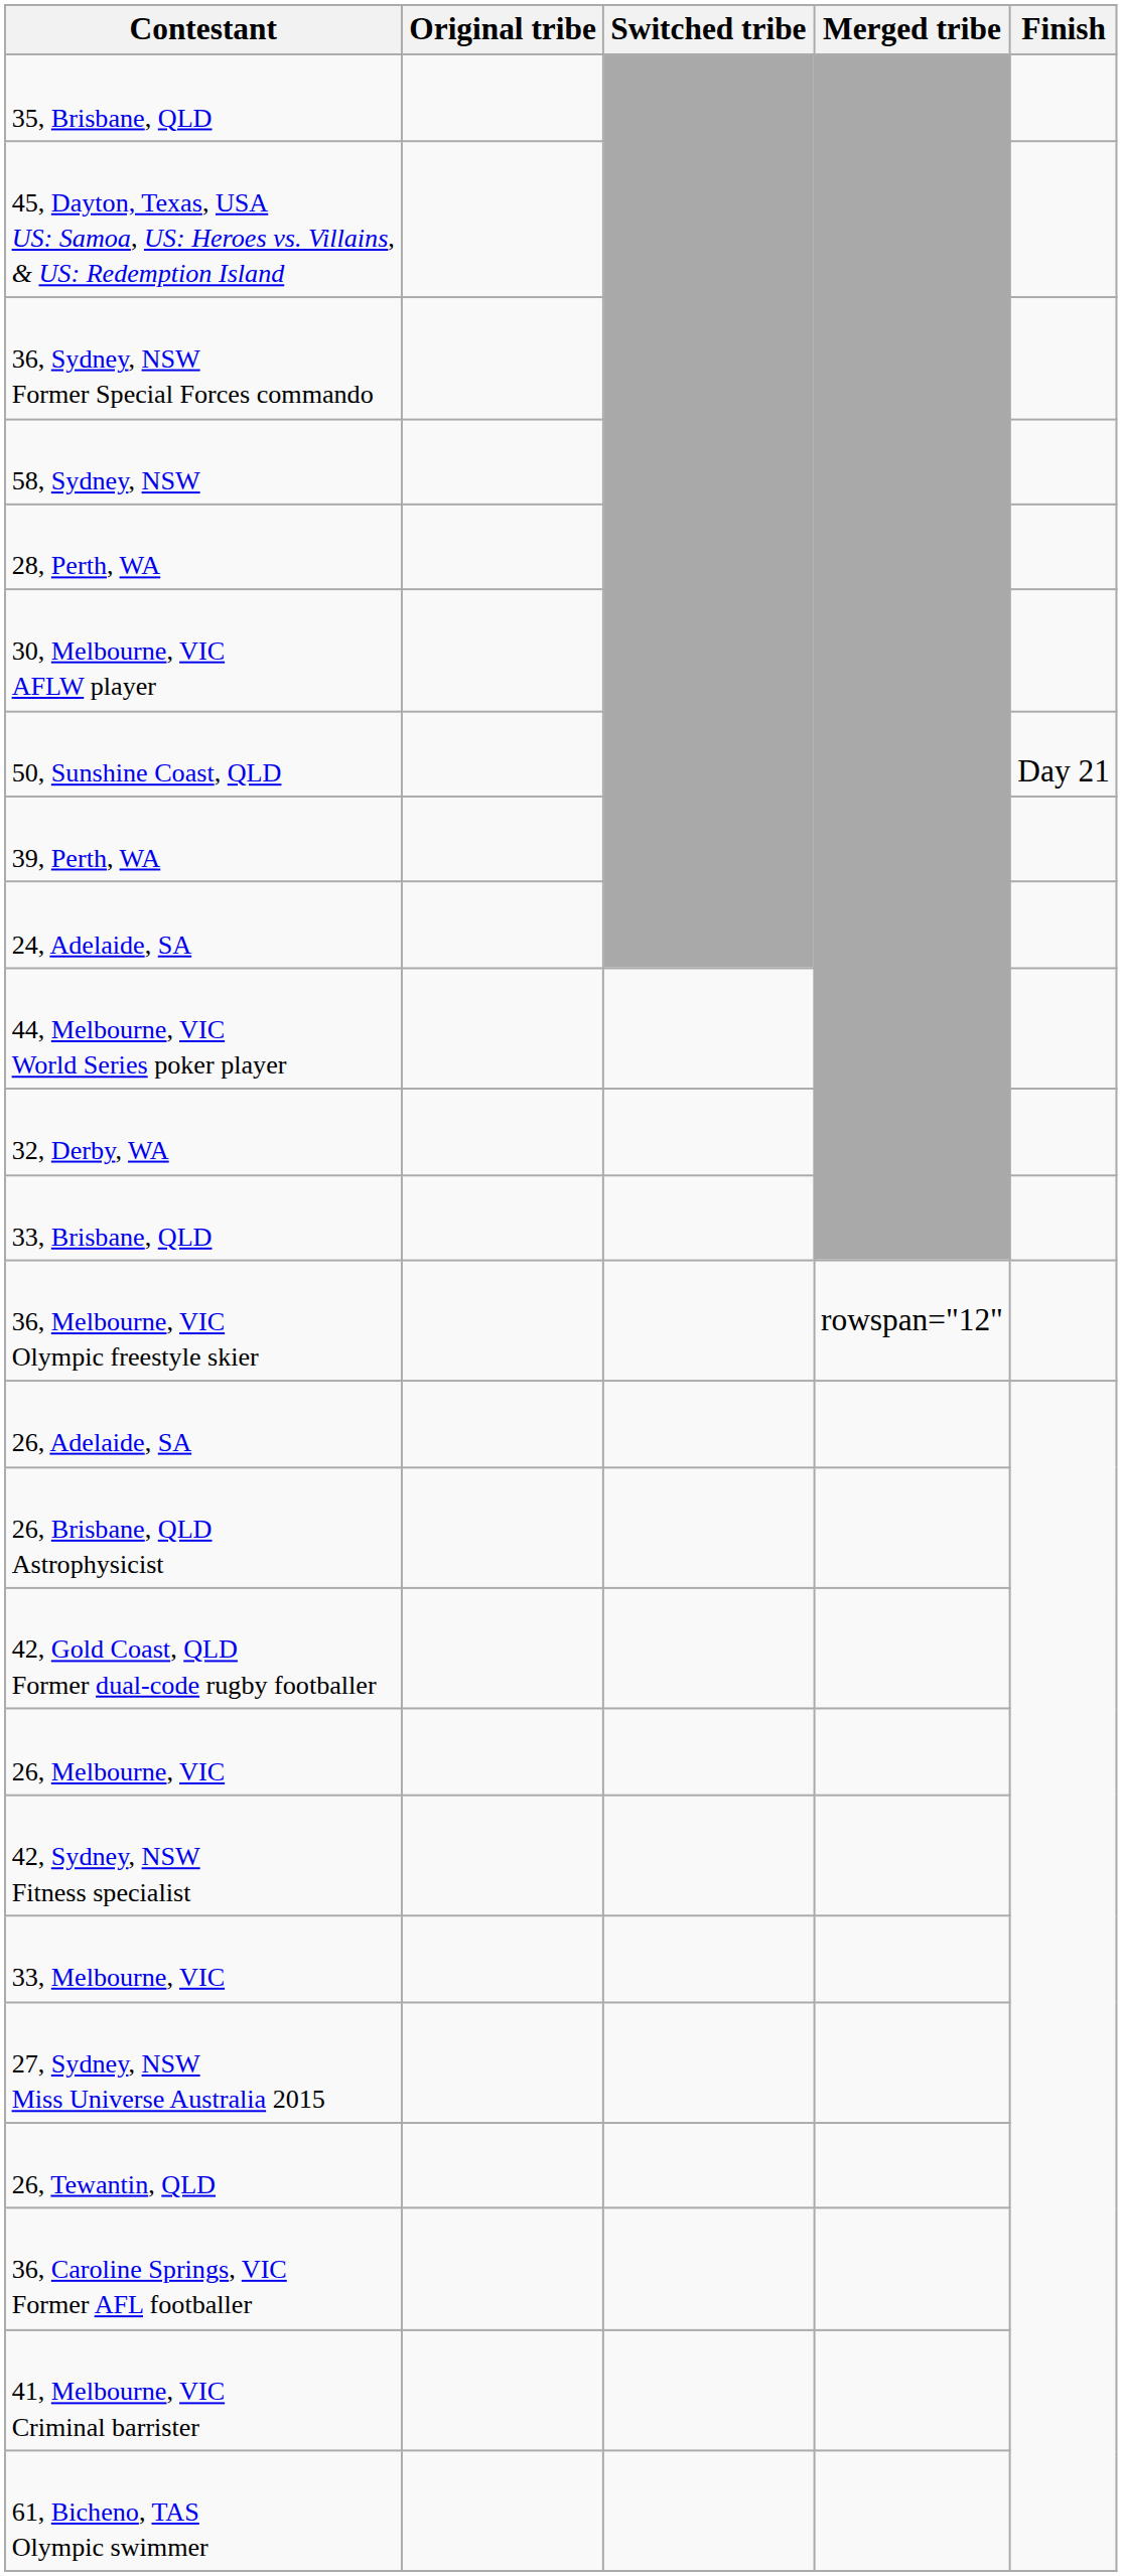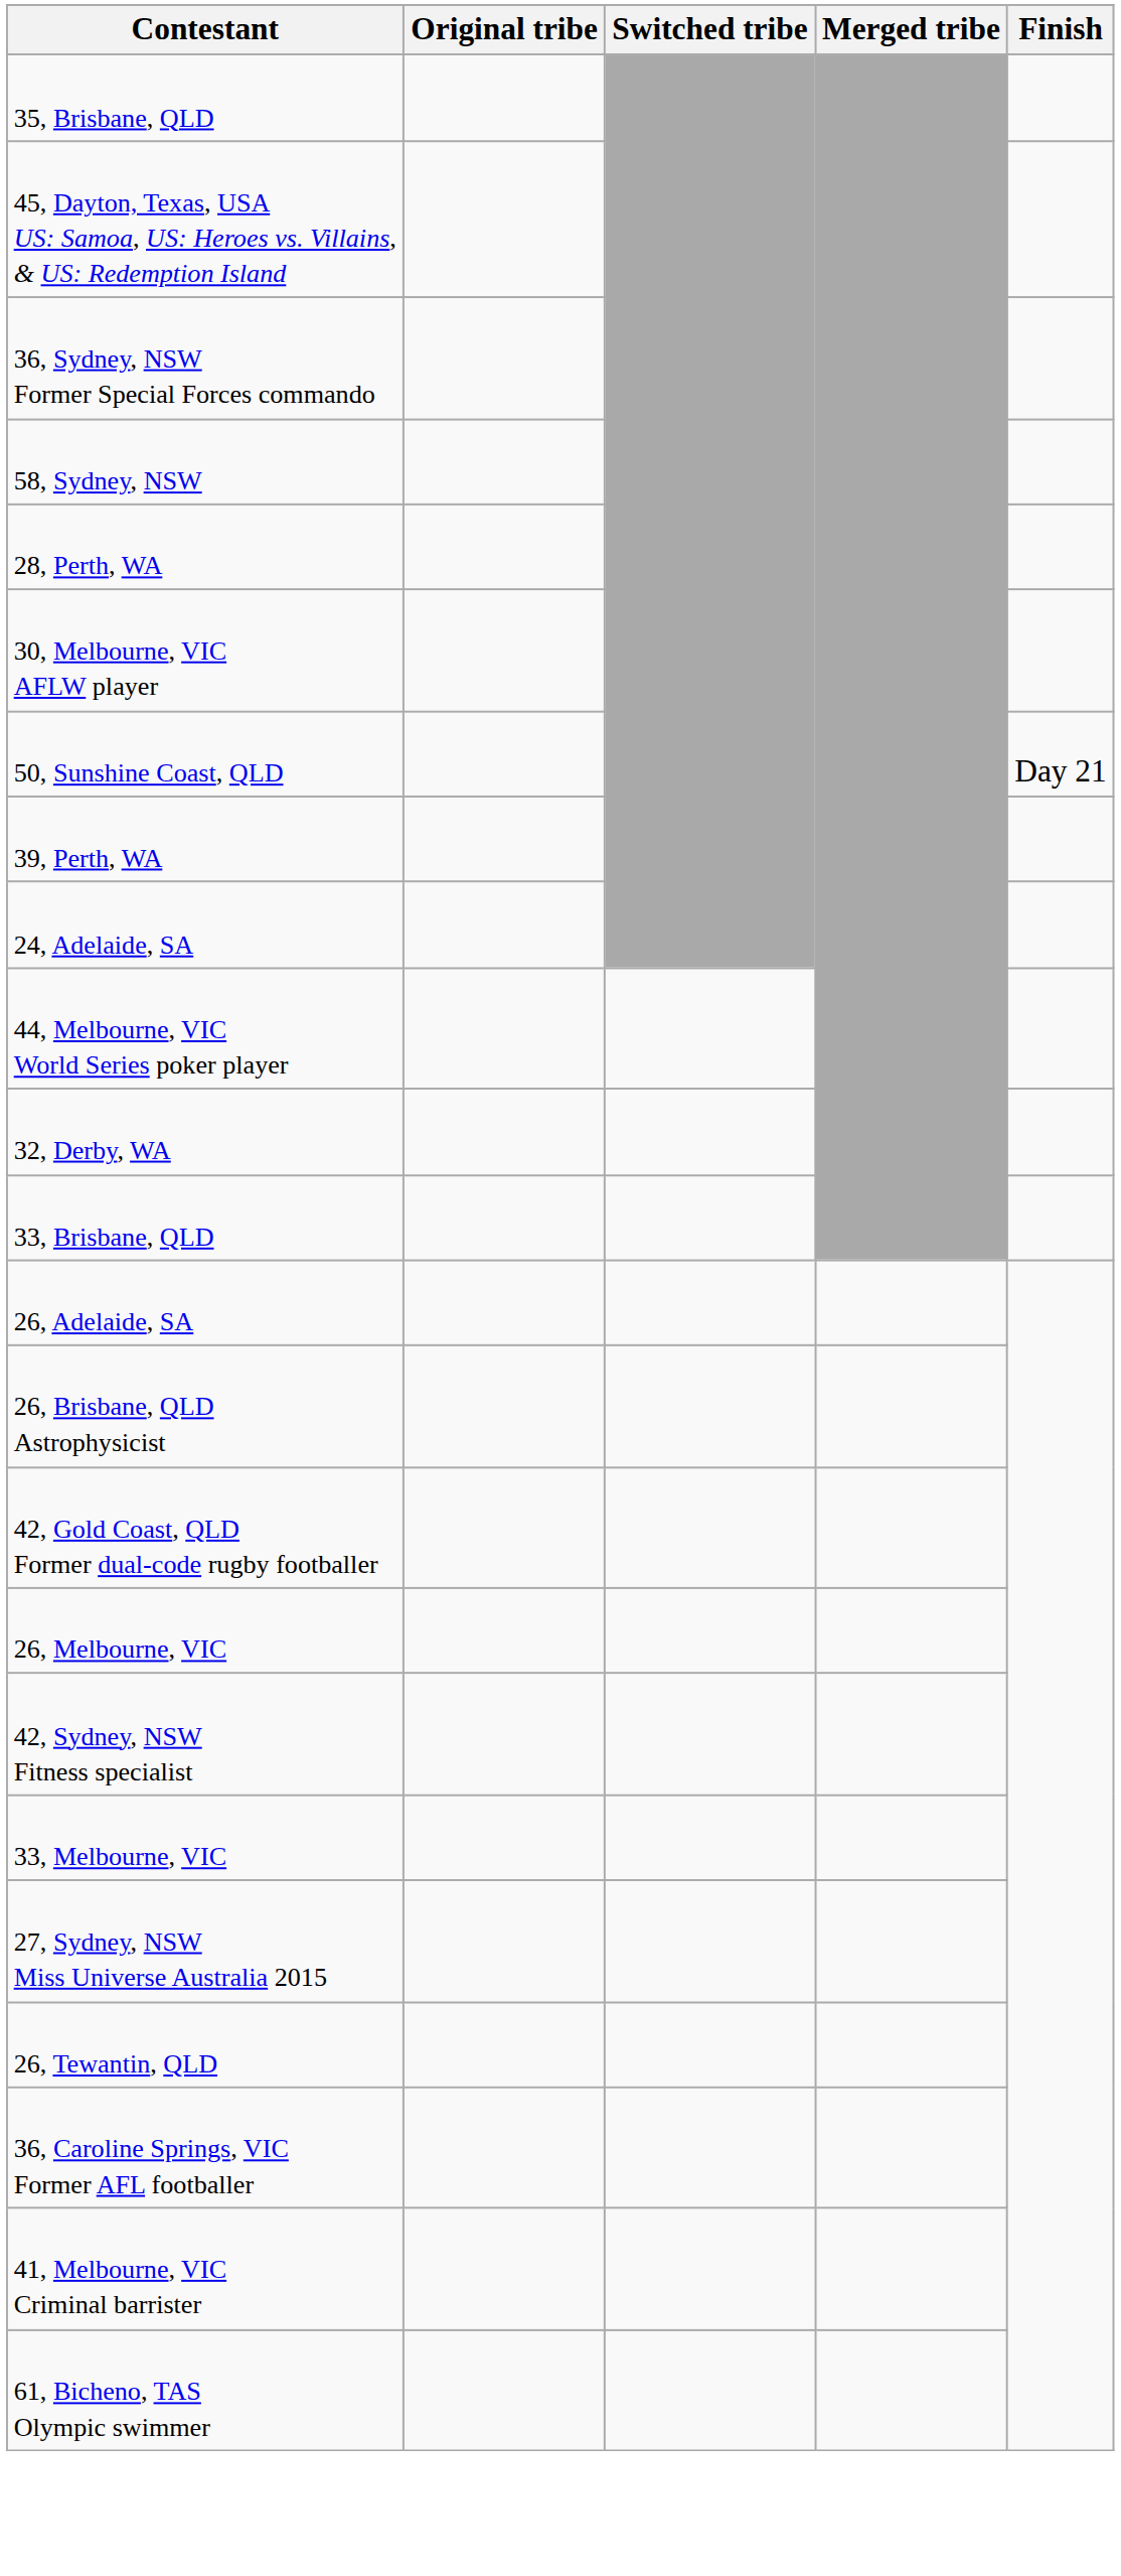 <table class="wikitable sortable nowrap" style="margin:auto; text-align:center">
 <tr>
 <th>Contestant</th>
 <th>Original tribe</th>
 <th>Switched tribe</th>
 <th>Merged tribe</th>
 <th>Finish</th>
 </tr>
 <tr>
 <td align="left"><strong></strong><br><small>35, <a href='#'>Brisbane</a>, <a href='#'>QLD</a></small></td>
 <td></td>
 <td style="background:darkgrey;" rowspan="9"></td>
 <td style="background:darkgrey;" rowspan="12"></td>
 <td></td>
 </tr>
 <tr>
 <td align="left"><strong></strong><br><small>45, <a href='#'>Dayton, Texas</a>, <a href='#'>USA</a><br><em><a href='#'>US: Samoa</a></em>, <em><a href='#'>US: Heroes vs. Villains</a></em>, <br><em>& <a href='#'>US: Redemption Island</a></em></small></td>
 <td></td>
 <td></td>
 </tr>
 <tr>
 <td align="left"><strong></strong><br><small>36, <a href='#'>Sydney</a>, <a href='#'>NSW</a><br>Former Special Forces commando</small></td>
 <td></td>
 <td></td>
 </tr>
 <tr>
 <td align="left"><strong></strong><br><small>58, <a href='#'>Sydney</a>, <a href='#'>NSW</a></small></td>
 <td></td>
 <td></td>
 </tr>
 <tr>
 <td align="left"><strong></strong><br><small>28, <a href='#'>Perth</a>, <a href='#'>WA</a></small></td>
 <td></td>
 <td></td>
 </tr>
 <tr>
 <td align="left"><strong></strong><br><small>30, <a href='#'>Melbourne</a>, <a href='#'>VIC</a><br><a href='#'>AFLW</a> player</small></td>
 <td></td>
 <td></td>
 </tr>
 <tr>
 <td align="left"><strong></strong><br><small>50, <a href='#'>Sunshine Coast</a>, <a href='#'>QLD</a></small></td>
 <td></td>
 <td><br>Day 21</td>
 </tr>
 <tr>
 <td align="left"><strong></strong><br><small>39, <a href='#'>Perth</a>, <a href='#'>WA</a></small></td>
 <td></td>
 <td></td>
 </tr>
 <tr>
 <td align="left"><strong></strong><br><small>24, <a href='#'>Adelaide</a>, <a href='#'>SA</a></small></td>
 <td></td>
 <td></td>
 </tr>
 <tr>
 <td align="left"><strong></strong><br><small>44, <a href='#'>Melbourne</a>, <a href='#'>VIC</a><br><a href='#'>World Series</a> poker player</small></td>
 <td></td>
 <td></td>
 <td></td>
 </tr>
 <tr>
 <td align="left"><strong></strong><br><small>32, <a href='#'>Derby</a>, <a href='#'>WA</a></small></td>
 <td></td>
 <td></td>
 <td></td>
 </tr>
 <tr>
 <td align="left"><strong></strong><br><small>33, <a href='#'>Brisbane</a>, <a href='#'>QLD</a></small></td>
 <td></td>
 <td></td>
 <td></td>
 </tr>
 <tr>
-<td align="left"><strong></strong><br><small>36, <a href='#'>Melbourne</a>, <a href='#'>VIC</a><br>Olympic freestyle skier</small></td>
-<td></td>
-<td></td>
-<td>rowspan="12" </td>
-<td></td>
-</tr>
-<tr>
 <td align="left"><strong></strong><br><small>26, <a href='#'>Adelaide</a>, <a href='#'>SA</a></small></td>
 <td></td>
 <td></td>
 <td></td>
 </tr>
 <tr>
 <td align="left"><strong></strong><br><small>26, <a href='#'>Brisbane</a>, <a href='#'>QLD</a><br>Astrophysicist</small></td>
 <td></td>
 <td></td>
 <td></td>
 </tr>
 <tr>
 <td align="left"><strong></strong><br><small>42, <a href='#'>Gold Coast</a>, <a href='#'>QLD</a><br>Former <a href='#'>dual-code</a> rugby footballer</small></td>
 <td></td>
 <td></td>
 <td></td>
 </tr>
 <tr>
 <td align="left"><strong></strong><br><small>26, <a href='#'>Melbourne</a>, <a href='#'>VIC</a></small></td>
 <td></td>
 <td></td>
 <td></td>
 </tr>
 <tr>
 <td align="left"><strong></strong><br><small>42, <a href='#'>Sydney</a>, <a href='#'>NSW</a><br>Fitness specialist </small></td>
 <td></td>
 <td></td>
 <td></td>
 </tr>
 <tr>
 <td align="left"><strong></strong><br><small>33, <a href='#'>Melbourne</a>, <a href='#'>VIC</a></small></td>
 <td></td>
 <td></td>
 <td></td>
 </tr>
 <tr>
 <td align="left"><strong></strong><br><small>27, <a href='#'>Sydney</a>, <a href='#'>NSW</a><br><a href='#'>Miss Universe Australia</a> 2015</small></td>
 <td></td>
 <td></td>
 <td></td>
 </tr>
 <tr>
 <td align="left"><strong></strong><br><small>26, <a href='#'>Tewantin</a>, <a href='#'>QLD</a></small></td>
 <td></td>
 <td></td>
 <td></td>
 </tr>
 <tr>
 <td align="left"><strong></strong><br><small>36, <a href='#'>Caroline Springs</a>, <a href='#'>VIC</a><br>Former <a href='#'>AFL</a> footballer</small></td>
 <td></td>
 <td></td>
 <td></td>
 </tr>
 <tr>
 <td align="left"><strong></strong><br><small>41, <a href='#'>Melbourne</a>, <a href='#'>VIC</a><br>Criminal barrister</small></td>
 <td></td>
 <td></td>
 <td></td>
 </tr>
 <tr>
 <td align="left"><strong></strong><br><small>61, <a href='#'>Bicheno</a>, <a href='#'>TAS</a><br>Olympic swimmer</small></td>
 <td></td>
 <td></td>
 <td></td>
 </tr>
 </table>
